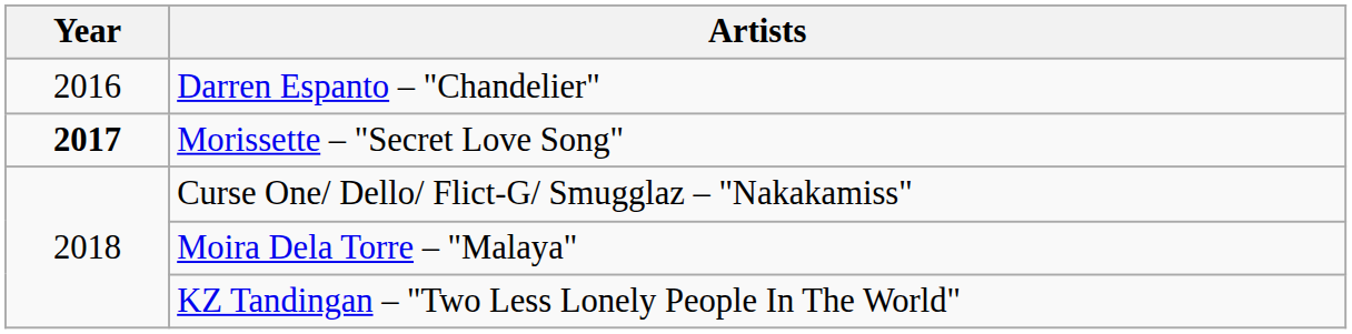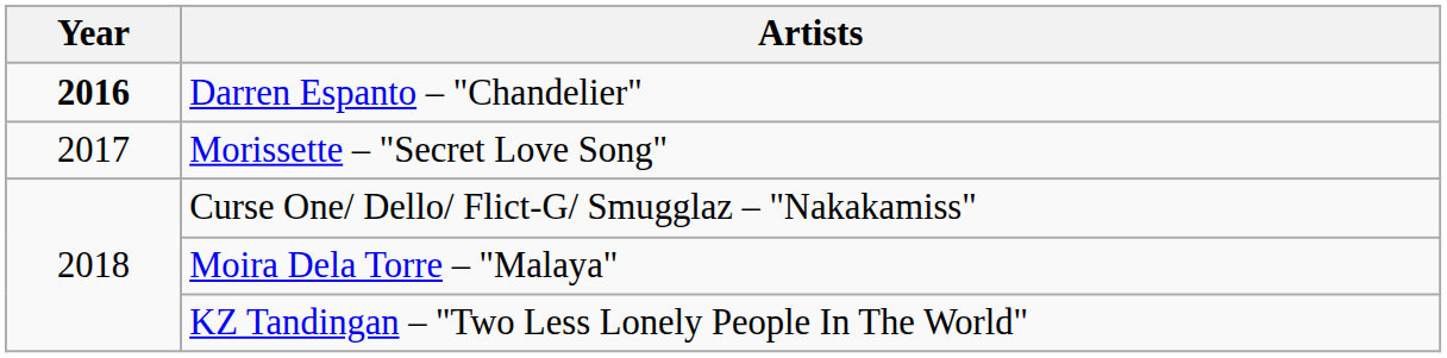 <table class="wikitable sortable"  style="width:50%;">
 <tr>
 <th width=5%  scope="col">Year</th>
 <th ! width=40%  scope="col">Artists</th>
 </tr>
 <tr>
-<td align="center">2016</td>
+<td align="center"><strong>2016</strong></td>
 <td><a href='#'>Darren Espanto</a> – "Chandelier"</td>
 </tr>
 <tr>
-<td align="center"><strong>2017</strong></td>
+<td align="center">2017</td>
 <td><a href='#'>Morissette</a> – "Secret Love Song"</td>
 </tr>
 <tr>
 <td rowspan=3 align="center">2018</td>
 <td>Curse One/ Dello/ Flict-G/ Smugglaz – "Nakakamiss"</td>
 </tr>
 <tr>
 <td><a href='#'>Moira Dela Torre</a> – "Malaya"</td>
 </tr>
 <tr>
 <td><a href='#'>KZ Tandingan</a> – "Two Less Lonely People In The World"</td>
 </tr>
 </table>
